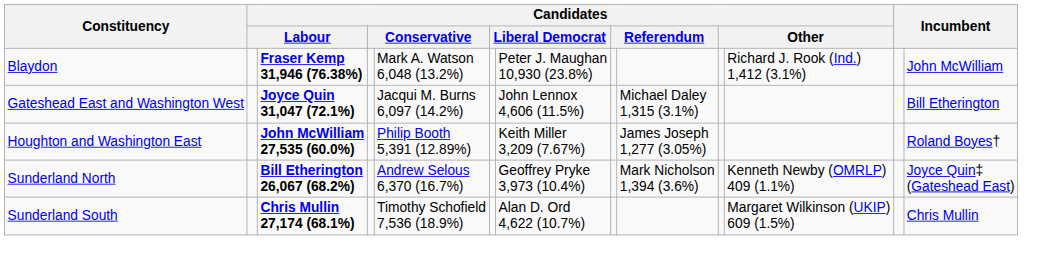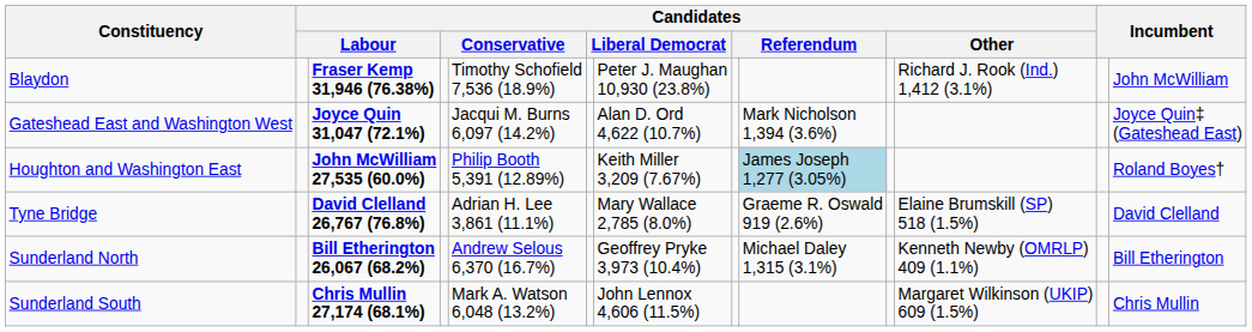 <table class="wikitable">
 <tr>
 <th rowspan="2">Constituency</th>
 <th colspan="10">Candidates</th>
 <th colspan="2" rowspan="2">Incumbent</th>
 </tr>
 <tr>
 <th colspan="2"><a href='#'>Labour</a></th>
 <th colspan="2"><a href='#'>Conservative</a></th>
 <th colspan="2"><a href='#'>Liberal Democrat</a></th>
 <th colspan="2"><a href='#'>Referendum</a></th>
 <th colspan="2">Other</th>
 </tr>
 <tr>
 <td><a href='#'>Blaydon</a></td>
 <td style="color:inherit;background:"> </td>
 <td><strong><a href='#'>Fraser Kemp</a></strong><br><strong>31,946 (76.38%)</strong></td>
 <td></td>
-<td>Mark A. Watson<br>6,048 (13.2%)</td>
+<td>Timothy Schofield<br>7,536 (18.9%)</td>
 <td></td>
 <td>Peter J. Maughan<br>10,930 (23.8%)</td>
 <td></td>
 <td></td>
 <td></td>
 <td>Richard J. Rook (<a href='#'>Ind.</a>)<br>1,412 (3.1%)</td>
 <td style="color:inherit;background:"> </td>
 <td><a href='#'>John McWilliam</a></td>
 </tr>
 <tr>
 <td><a href='#'>Gateshead East and Washington West</a></td>
 <td style="color:inherit;background:"> </td>
 <td><strong><a href='#'>Joyce Quin</a></strong><br><strong>31,047 (72.1%)</strong></td>
 <td></td>
 <td>Jacqui M. Burns<br>6,097 (14.2%)</td>
 <td></td>
-<td>John Lennox<br>4,606 (11.5%)</td>
+<td>Alan D. Ord<br>4,622 (10.7%)</td>
 <td></td>
-<td>Michael Daley<br>1,315 (3.1%)</td>
+<td>Mark Nicholson<br>1,394 (3.6%)</td>
 <td></td>
 <td></td>
 <td style="color:inherit;background:"> </td>
-<td><a href='#'>Bill Etherington</a></td>
+<td><a href='#'>Joyce Quin</a>‡<br>(<a href='#'>Gateshead East</a>)</td>
 </tr>
 <tr>
 <td><a href='#'>Houghton and Washington East</a></td>
 <td style="color:inherit;background:"> </td>
 <td><strong><a href='#'>John McWilliam</a></strong><br><strong>27,535 (60.0%)</strong></td>
 <td></td>
 <td><a href='#'>Philip Booth</a><br>5,391 (12.89%)</td>
 <td></td>
 <td>Keith Miller<br>3,209 (7.67%)</td>
 <td></td>
-<td>James Joseph<br>1,277 (3.05%)</td>
+<td style="background: lightblue;">James Joseph<br>1,277 (3.05%)</td>
 <td></td>
 <td></td>
 <td style="color:inherit;background:"> </td>
 <td><a href='#'>Roland Boyes</a>†</td>
+</tr>
+<tr>
+<td><a href='#'>Tyne Bridge</a></td>
+<td style="color:inherit;background:"> </td>
+<td><strong><a href='#'>David Clelland</a></strong><br><strong>26,767 (76.8%)</strong></td>
+<td></td>
+<td>Adrian H. Lee<br>3,861 (11.1%)</td>
+<td></td>
+<td>Mary Wallace<br>2,785 (8.0%)</td>
+<td></td>
+<td>Graeme R. Oswald<br>919 (2.6%)</td>
+<td></td>
+<td>Elaine Brumskill (<a href='#'>SP</a>)<br>518 (1.5%)</td>
+<td style="color:inherit;background:"> </td>
+<td><a href='#'>David Clelland</a></td>
 </tr>
 <tr>
 <td><a href='#'>Sunderland North</a></td>
 <td style="color:inherit;background:"> </td>
 <td><strong><a href='#'>Bill Etherington</a></strong><br><strong>26,067 (68.2%)</strong></td>
 <td></td>
 <td><a href='#'>Andrew Selous</a><br>6,370 (16.7%)</td>
 <td></td>
 <td>Geoffrey Pryke<br>3,973 (10.4%)</td>
 <td></td>
-<td>Mark Nicholson<br>1,394 (3.6%)</td>
+<td>Michael Daley<br>1,315 (3.1%)</td>
 <td></td>
 <td>Kenneth Newby (<a href='#'>OMRLP</a>)<br>409 (1.1%)</td>
 <td style="color:inherit;background:"> </td>
-<td><a href='#'>Joyce Quin</a>‡<br>(<a href='#'>Gateshead East</a>)</td>
+<td><a href='#'>Bill Etherington</a></td>
 </tr>
 <tr>
 <td><a href='#'>Sunderland South</a></td>
 <td style="color:inherit;background:"> </td>
 <td><strong><a href='#'>Chris Mullin</a></strong><br><strong>27,174 (68.1%)</strong></td>
 <td></td>
-<td>Timothy Schofield<br>7,536 (18.9%)</td>
+<td>Mark A. Watson<br>6,048 (13.2%)</td>
 <td></td>
-<td>Alan D. Ord<br>4,622 (10.7%)</td>
+<td>John Lennox<br>4,606 (11.5%)</td>
 <td></td>
 <td></td>
 <td></td>
 <td>Margaret Wilkinson (<a href='#'>UKIP</a>)<br>609 (1.5%)</td>
 <td style="color:inherit;background:"> </td>
 <td><a href='#'>Chris Mullin</a></td>
 </tr>
 </table>
